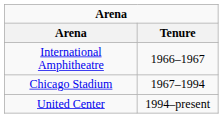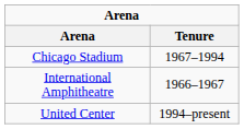 <table class="wikitable sortable" style="text-align:center">
 <tr>
 <td colspan="2"><strong>Arena</strong></td>
 </tr>
 <tr>
 <th style="width:170px; ">Arena</th>
 <th style="width:100px; ">Tenure</th>
 </tr>
 <tr>
+<td><a href='#'>Chicago Stadium</a></td>
+<td>1967–1994</td>
+</tr>
+<tr>
 <td><a href='#'>International Amphitheatre</a></td>
 <td>1966–1967</td>
-</tr>
-<tr>
-<td><a href='#'>Chicago Stadium</a></td>
-<td>1967–1994</td>
 </tr>
 <tr>
 <td><a href='#'>United Center</a></td>
 <td>1994–present</td>
 </tr>
 </table>
